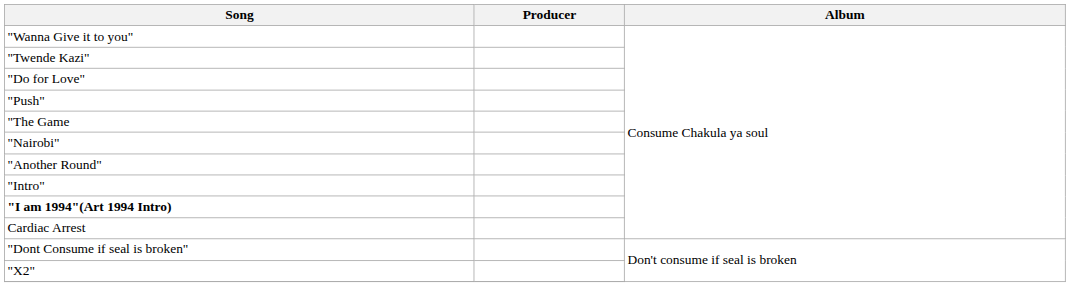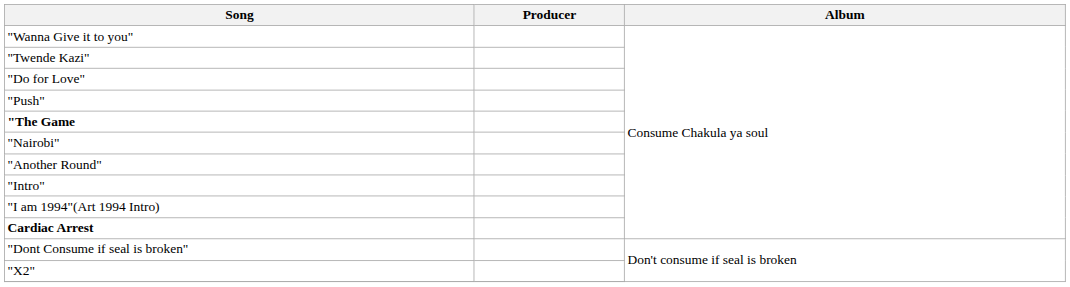 <table class="wikitable plainrowheaders" style="width:100%; margin:auto; background:#fff;">
 <tr>
 <th>Song</th>
 <th>Producer</th>
 <th>Album</th>
 </tr>
 <tr>
 <td>"Wanna Give it to you"</td>
 <td></td>
 <td rowspan="10">Consume Chakula ya soul</td>
 </tr>
 <tr>
 <td>"Twende Kazi"</td>
 <td></td>
 </tr>
 <tr>
 <td>"Do for Love"</td>
 <td></td>
 </tr>
 <tr>
 <td>"Push"</td>
 <td></td>
 </tr>
 <tr>
-<td>"The Game</td>
+<td><strong>"The Game</strong></td>
 <td></td>
 </tr>
 <tr>
 <td>"Nairobi"</td>
 <td></td>
 </tr>
 <tr>
 <td>"Another Round"</td>
 <td></td>
 </tr>
 <tr>
 <td>"Intro"</td>
 <td></td>
 </tr>
 <tr>
-<td><strong>"I am 1994"(Art 1994 Intro)</strong></td>
+<td>"I am 1994"(Art 1994 Intro)</td>
 <td></td>
 </tr>
 <tr>
-<td>Cardiac Arrest</td>
+<td><strong>Cardiac Arrest</strong></td>
 </tr>
 <tr>
 <td>"Dont Consume if seal is broken"</td>
 <td></td>
 <td rowspan="10">Don't consume if seal is broken</td>
 </tr>
 <tr>
 <td>"X2"</td>
 <td></td>
 </tr>
 <tr>
 </tr>
 </table>
